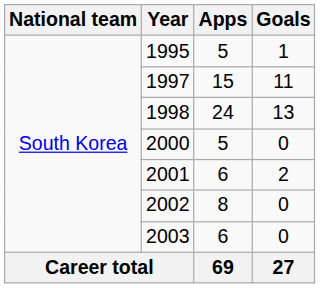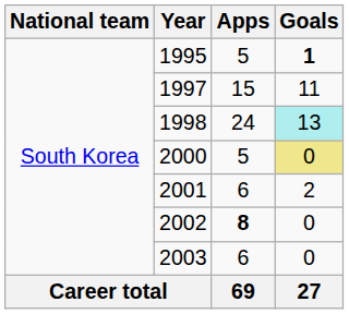 <table class="wikitable" style="text-align:center">
 <tr>
 <th>National team</th>
 <th>Year</th>
 <th>Apps</th>
 <th>Goals</th>
 </tr>
 <tr>
 <td rowspan="7"><a href='#'>South Korea</a></td>
 <td>1995</td>
 <td>5</td>
-<td>1</td>
+<td><strong>1</strong></td>
 </tr>
 <tr>
 <td>1997</td>
 <td>15</td>
 <td>11</td>
 </tr>
 <tr>
 <td>1998</td>
 <td>24</td>
-<td>13</td>
+<td style="background: paleturquoise;">13</td>
 </tr>
 <tr>
 <td>2000</td>
 <td>5</td>
-<td>0</td>
+<td style="background: khaki;">0</td>
 </tr>
 <tr>
 <td>2001</td>
 <td>6</td>
 <td>2</td>
 </tr>
 <tr>
 <td>2002</td>
-<td>8</td>
+<td><strong>8</strong></td>
 <td>0</td>
 </tr>
 <tr>
 <td>2003</td>
 <td>6</td>
 <td>0</td>
 </tr>
 <tr>
 <th colspan="2">Career total</th>
 <th>69</th>
 <th>27</th>
 </tr>
 </table>
